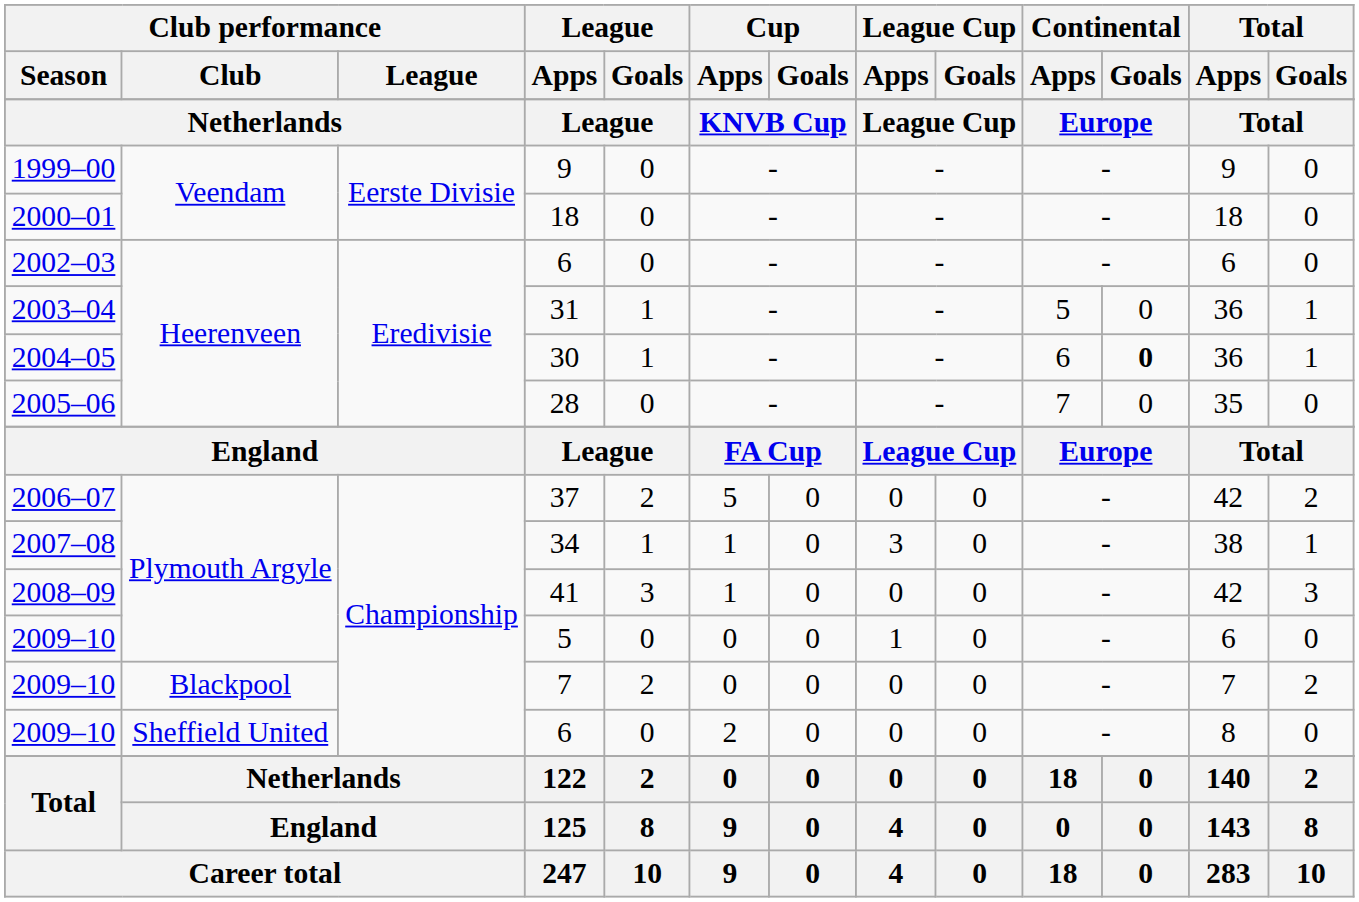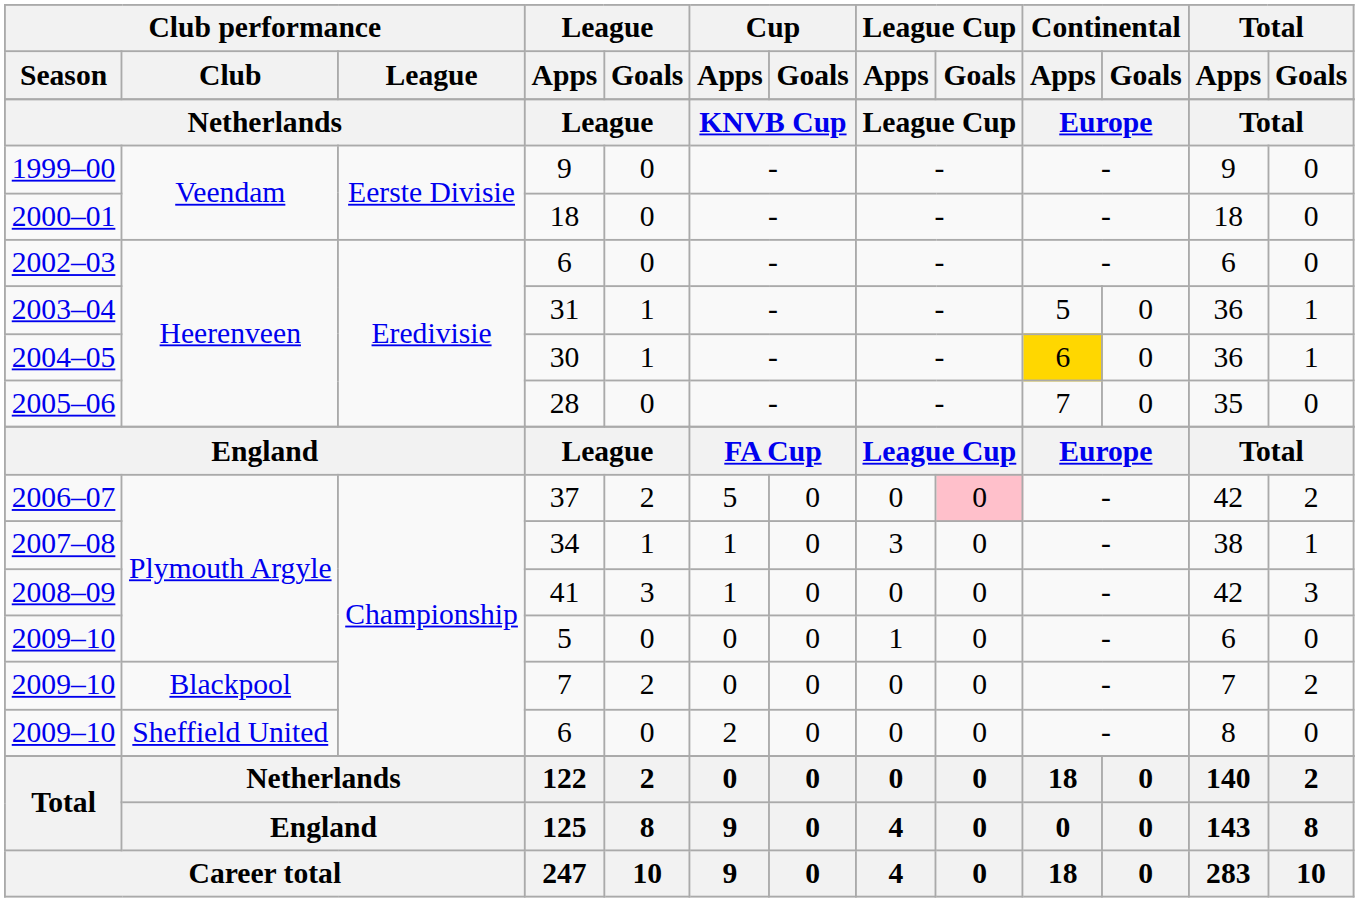 <table class="wikitable" style="text-align:center">
 <tr>
 <th colspan=3>Club performance</th>
 <th colspan=2>League</th>
 <th colspan=2>Cup</th>
 <th colspan=2>League Cup</th>
 <th colspan=2>Continental</th>
 <th colspan=2>Total</th>
 </tr>
 <tr>
 <th>Season</th>
 <th>Club</th>
 <th>League</th>
 <th>Apps</th>
 <th>Goals</th>
 <th>Apps</th>
 <th>Goals</th>
 <th>Apps</th>
 <th>Goals</th>
 <th>Apps</th>
 <th>Goals</th>
 <th>Apps</th>
 <th>Goals</th>
 </tr>
 <tr>
 </tr>
 <tr>
 <th colspan=3>Netherlands</th>
 <th colspan=2>League</th>
 <th colspan=2><a href='#'>KNVB Cup</a></th>
 <th colspan=2>League Cup</th>
 <th colspan=2><a href='#'>Europe</a></th>
 <th colspan=2>Total</th>
 </tr>
 <tr>
 <td><a href='#'>1999–00</a></td>
 <td rowspan=2><a href='#'>Veendam</a></td>
 <td rowspan=2><a href='#'>Eerste Divisie</a></td>
 <td>9</td>
 <td>0</td>
 <td colspan="2">-</td>
 <td colspan="2">-</td>
 <td colspan="2">-</td>
 <td>9</td>
 <td>0</td>
 </tr>
 <tr>
 <td><a href='#'>2000–01</a></td>
 <td>18</td>
 <td>0</td>
 <td colspan="2">-</td>
 <td colspan="2">-</td>
 <td colspan="2">-</td>
 <td>18</td>
 <td>0</td>
 </tr>
 <tr>
 <td><a href='#'>2002–03</a></td>
 <td rowspan=4><a href='#'>Heerenveen</a></td>
 <td rowspan=4><a href='#'>Eredivisie</a></td>
 <td>6</td>
 <td>0</td>
 <td colspan="2">-</td>
 <td colspan="2">-</td>
 <td colspan="2">-</td>
 <td>6</td>
 <td>0</td>
 </tr>
 <tr>
 <td><a href='#'>2003–04</a></td>
 <td>31</td>
 <td>1</td>
 <td colspan="2">-</td>
 <td colspan="2">-</td>
 <td>5</td>
 <td>0</td>
 <td>36</td>
 <td>1</td>
 </tr>
 <tr>
 <td><a href='#'>2004–05</a></td>
 <td>30</td>
 <td>1</td>
 <td colspan="2">-</td>
 <td colspan="2">-</td>
-<td>6</td>
-<td><strong>0</strong></td>
+<td style="background: gold;">6</td>
+<td>0</td>
 <td>36</td>
 <td>1</td>
 </tr>
 <tr>
 <td><a href='#'>2005–06</a></td>
 <td>28</td>
 <td>0</td>
 <td colspan="2">-</td>
 <td colspan="2">-</td>
 <td>7</td>
 <td>0</td>
 <td>35</td>
 <td>0</td>
 </tr>
 <tr>
 </tr>
 <tr>
 <th colspan=3>England</th>
 <th colspan=2>League</th>
 <th colspan=2><a href='#'>FA Cup</a></th>
 <th colspan=2><a href='#'>League Cup</a></th>
 <th colspan=2><a href='#'>Europe</a></th>
 <th colspan=2>Total</th>
 </tr>
 <tr>
 <td><a href='#'>2006–07</a></td>
 <td rowspan=4><a href='#'>Plymouth Argyle</a></td>
 <td rowspan=6><a href='#'>Championship</a></td>
 <td>37</td>
 <td>2</td>
 <td>5</td>
 <td>0</td>
 <td>0</td>
-<td>0</td>
+<td style="background: pink;">0</td>
 <td colspan="2">-</td>
 <td>42</td>
 <td>2</td>
 </tr>
 <tr>
 <td><a href='#'>2007–08</a></td>
 <td>34</td>
 <td>1</td>
 <td>1</td>
 <td>0</td>
 <td>3</td>
 <td>0</td>
 <td colspan="2">-</td>
 <td>38</td>
 <td>1</td>
 </tr>
 <tr>
 <td><a href='#'>2008–09</a></td>
 <td>41</td>
 <td>3</td>
 <td>1</td>
 <td>0</td>
 <td>0</td>
 <td>0</td>
 <td colspan="2">-</td>
 <td>42</td>
 <td>3</td>
 </tr>
 <tr>
 <td><a href='#'>2009–10</a></td>
 <td>5</td>
 <td>0</td>
 <td>0</td>
 <td>0</td>
 <td>1</td>
 <td>0</td>
 <td colspan="2">-</td>
 <td>6</td>
 <td>0</td>
 </tr>
 <tr>
 <td><a href='#'>2009–10</a></td>
 <td><a href='#'>Blackpool</a></td>
 <td>7</td>
 <td>2</td>
 <td>0</td>
 <td>0</td>
 <td>0</td>
 <td>0</td>
 <td colspan="2">-</td>
 <td>7</td>
 <td>2</td>
 </tr>
 <tr>
 <td><a href='#'>2009–10</a></td>
 <td><a href='#'>Sheffield United</a></td>
 <td>6</td>
 <td>0</td>
 <td>2</td>
 <td>0</td>
 <td>0</td>
 <td>0</td>
 <td colspan="2">-</td>
 <td>8</td>
 <td>0</td>
 </tr>
 <tr>
 </tr>
 <tr>
 <th rowspan=2>Total</th>
 <th colspan=2>Netherlands</th>
 <th>122</th>
 <th>2</th>
 <th>0</th>
 <th>0</th>
 <th>0</th>
 <th>0</th>
 <th>18</th>
 <th>0</th>
 <th>140</th>
 <th>2</th>
 </tr>
 <tr>
 <th colspan=2>England</th>
 <th>125</th>
 <th>8</th>
 <th>9</th>
 <th>0</th>
 <th>4</th>
 <th>0</th>
 <th>0</th>
 <th>0</th>
 <th>143</th>
 <th>8</th>
 </tr>
 <tr>
 <th colspan=3>Career total</th>
 <th>247</th>
 <th>10</th>
 <th>9</th>
 <th>0</th>
 <th>4</th>
 <th>0</th>
 <th>18</th>
 <th>0</th>
 <th>283</th>
 <th>10</th>
 </tr>
 </table>
